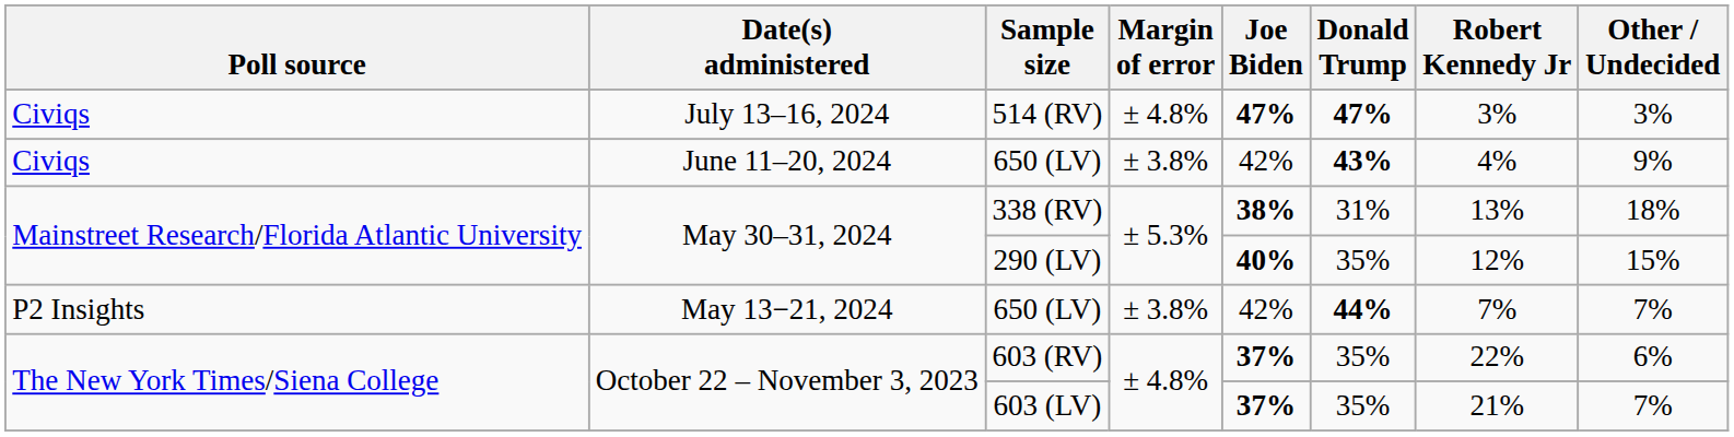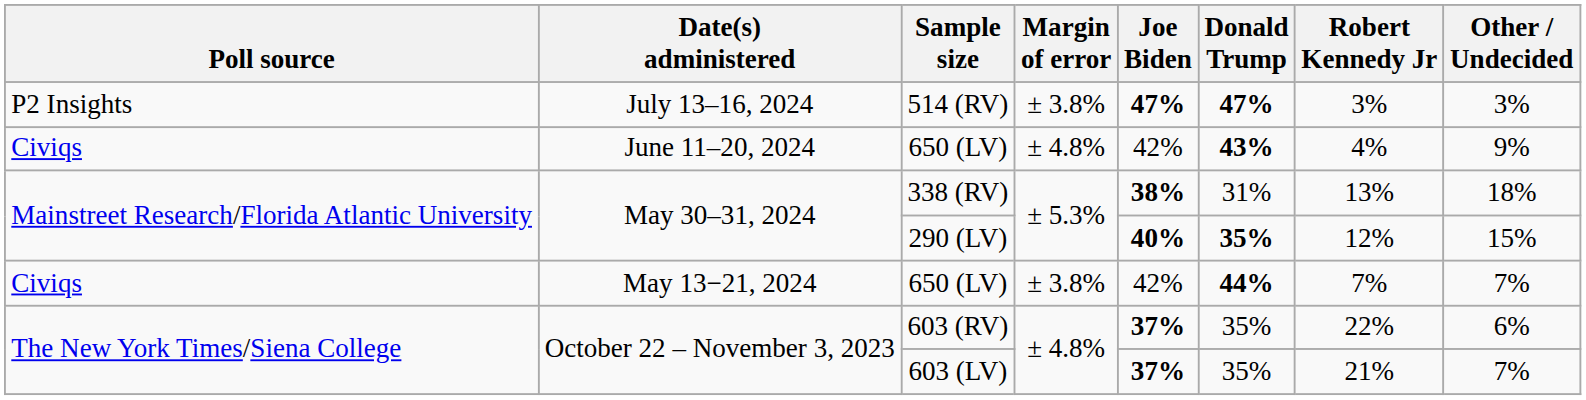 <table class="wikitable sortable mw-datatable" style="font-size:90%;text-align:center;line-height:17px">
 <tr valign=bottom>
 <th>Poll source</th>
 <th>Date(s)<br>administered</th>
 <th>Sample<br>size</th>
 <th>Margin<br>of error</th>
 <th class="unsortable">Joe<br>Biden<br></th>
 <th class="unsortable">Donald<br>Trump<br></th>
 <th class="unsortable">Robert<br>Kennedy Jr<br></th>
 <th class="unsortable">Other /<br>Undecided</th>
 </tr>
 <tr>
-<td style="text-align:left;"><a href='#'>Civiqs</a></td>
+<td style="text-align:left;">P2 Insights</td>
 <td data-sort-value="2024-07-19">July 13–16, 2024</td>
 <td>514 (RV)</td>
-<td>± 4.8%</td>
+<td>± 3.8%</td>
 <td><strong>47%</strong></td>
 <td><strong>47%</strong></td>
 <td>3%</td>
 <td>3%</td>
 </tr>
 <tr>
 <td style="text-align:left;"><a href='#'>Civiqs</a></td>
 <td data-sort-value="2024-06-26">June 11–20, 2024</td>
 <td>650 (LV)</td>
-<td>± 3.8%</td>
+<td>± 4.8%</td>
 <td>42%</td>
 <td style="background-color:"><strong>43%</strong></td>
 <td>4%</td>
 <td>9%</td>
 </tr>
 <tr>
 <td style="text-align:left;" rowspan="2"><a href='#'>Mainstreet Research</a>/<a href='#'>Florida Atlantic University</a></td>
 <td rowspan="2">May 30–31, 2024</td>
 <td>338 (RV)</td>
 <td rowspan="2">± 5.3%</td>
 <td style="color:black;background-color:"><strong>38%</strong></td>
 <td>31%</td>
 <td>13%</td>
 <td>18%</td>
 </tr>
 <tr>
 <td>290 (LV)</td>
 <td style="color:black;background-color:"><strong>40%</strong></td>
-<td>35%</td>
+<td><strong>35%</strong></td>
 <td>12%</td>
 <td>15%</td>
 </tr>
 <tr>
-<td style="text-align:left;">P2 Insights</td>
+<td style="text-align:left;"><a href='#'>Civiqs</a></td>
 <td data-sort-value="2024-05-21">May 13−21, 2024</td>
 <td>650 (LV)</td>
 <td>± 3.8%</td>
 <td>42%</td>
 <td style="background-color:"><strong>44%</strong></td>
 <td>7%</td>
 <td>7%</td>
 </tr>
 <tr>
 <td style="text-align:left;" rowspan="2"><a href='#'>The New York Times</a>/<a href='#'>Siena College</a></td>
 <td rowspan="2">October 22 – November 3, 2023</td>
 <td>603 (RV)</td>
 <td rowspan="2">± 4.8%</td>
 <td style="color:black;background-color:"><strong>37%</strong></td>
 <td>35%</td>
 <td>22%</td>
 <td>6%</td>
 </tr>
 <tr>
 <td>603 (LV)</td>
 <td style="color:black;background-color:"><strong>37%</strong></td>
 <td>35%</td>
 <td>21%</td>
 <td>7%</td>
 </tr>
 </table>
